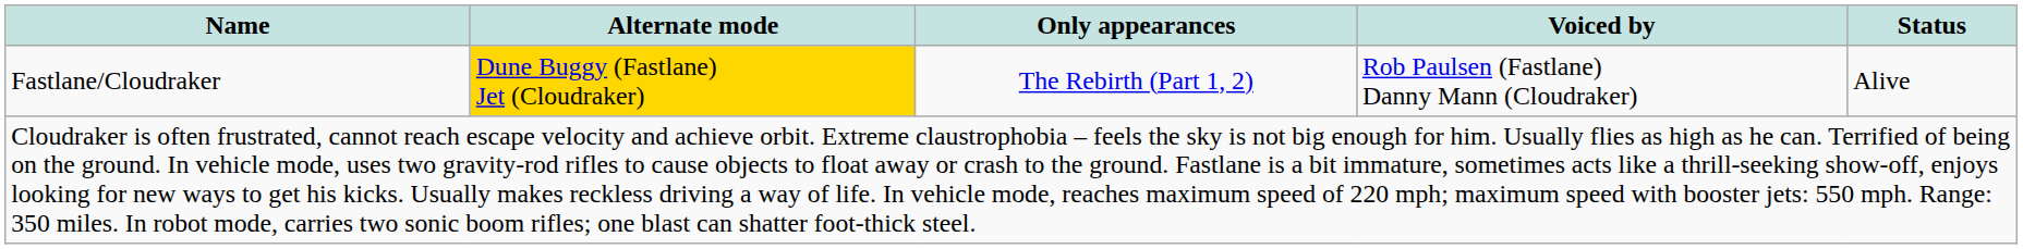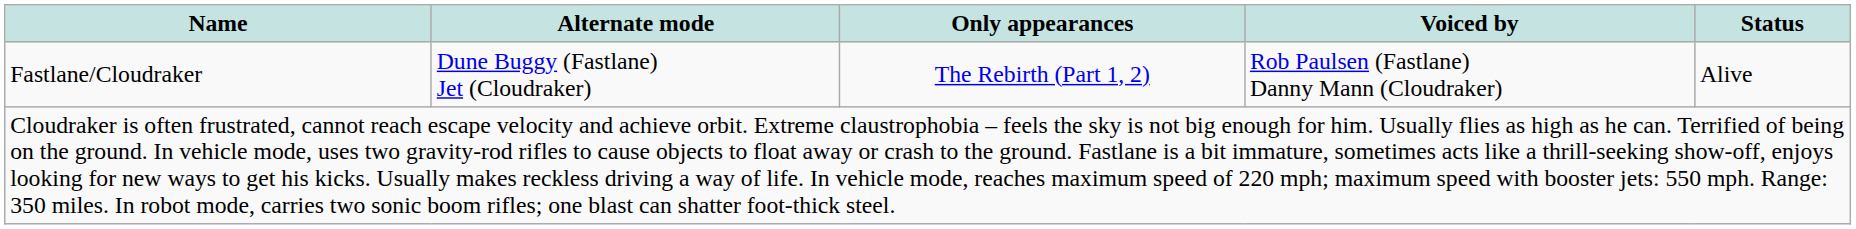 <table class="wikitable">
 <tr>
 <th style="background-color: #C5E4E1">Name</th>
 <th style="background-color: #C5E4E1">Alternate mode</th>
 <th style="background-color: #C5E4E1">Only appearances</th>
 <th style="background-color: #C5E4E1">Voiced by</th>
 <th style="background-color: #C5E4E1">Status</th>
 </tr>
 <tr>
 <td>Fastlane/Cloudraker</td>
-<td style="background: gold;"><a href='#'>Dune Buggy</a> (Fastlane)<br><a href='#'>Jet</a> (Cloudraker)</td>
+<td><a href='#'>Dune Buggy</a> (Fastlane)<br><a href='#'>Jet</a> (Cloudraker)</td>
 <td align="center"><a href='#'>The Rebirth (Part 1, 2)</a></td>
 <td><a href='#'>Rob Paulsen</a> (Fastlane)<br>Danny Mann (Cloudraker)</td>
 <td>Alive</td>
 </tr>
 <tr>
 <td colspan="5" valign="top">Cloudraker is often frustrated, cannot reach escape velocity and achieve orbit. Extreme claustrophobia – feels the sky is not big enough for him. Usually flies as high as he can. Terrified of being on the ground. In vehicle mode, uses two gravity-rod rifles to cause objects to float away or crash to the ground. Fastlane is a bit immature, sometimes acts like a thrill-seeking show-off, enjoys looking for new ways to get his kicks. Usually makes reckless driving a way of life. In vehicle mode, reaches maximum speed of 220 mph; maximum speed with booster jets: 550 mph. Range: 350 miles. In robot mode, carries two sonic boom rifles; one blast can shatter foot-thick steel.</td>
 </tr>
 </table>
